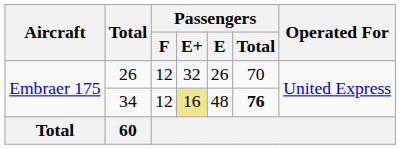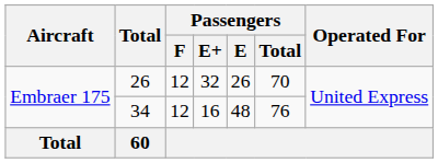 <table class="wikitable" style="border-collapse:collapse;text-align:center;margin:auto;">
 <tr>
 <th rowspan=2>Aircraft</th>
 <th rowspan=2>Total</th>
 <th colspan=4>Passengers</th>
 <th rowspan=2>Operated For</th>
 </tr>
 <tr>
 <th><abbr>F</abbr></th>
 <th><abbr>E+</abbr></th>
 <th><abbr>E</abbr></th>
 <th>Total</th>
 </tr>
 <tr>
 <td rowspan="2"><a href='#'>Embraer 175</a></td>
 <td>26</td>
 <td>12</td>
 <td>32</td>
 <td>26</td>
 <td>70</td>
 <td rowspan="2"><a href='#'>United Express</a></td>
 </tr>
 <tr>
 <td>34</td>
 <td>12</td>
-<td style="background: khaki;">16</td>
+<td>16</td>
 <td>48</td>
-<td><strong>76</strong></td>
+<td>76</td>
 </tr>
 <tr>
 <th>Total</th>
 <th>60</th>
 <th colspan="5"></th>
 </tr>
 </table>
